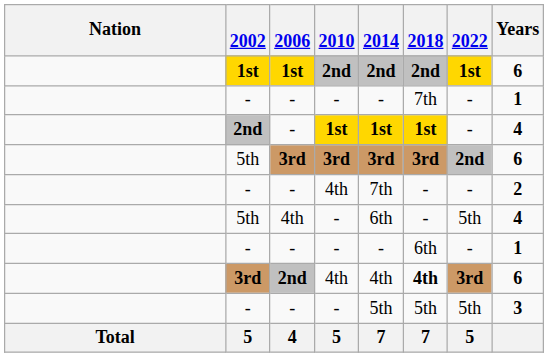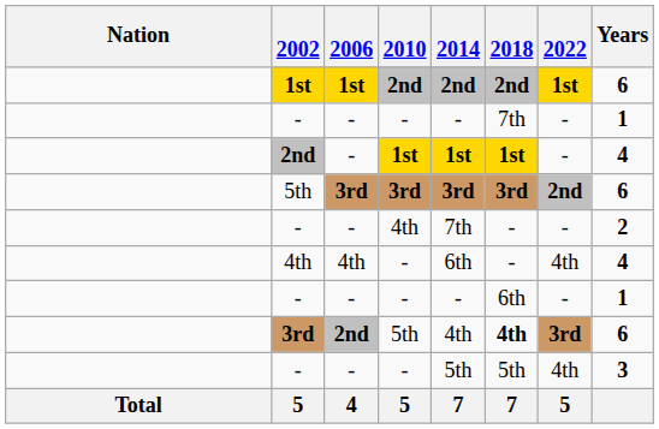 <table class="wikitable" style="text-align:center; font-size:90%">
 <tr>
 <th width=170>Nation</th>
 <th><br><a href='#'>2002</a></th>
 <th><br><a href='#'>2006</a></th>
 <th><br><a href='#'>2010</a></th>
 <th><br><a href='#'>2014</a></th>
 <th><br><a href='#'>2018</a></th>
 <th><br><a href='#'>2022</a></th>
 <th>Years</th>
 </tr>
 <tr>
 <td align=left></td>
 <td bgcolor=gold><strong>1st</strong></td>
 <td bgcolor=gold><strong>1st</strong></td>
 <td bgcolor=silver><strong>2nd</strong></td>
 <td bgcolor=silver><strong>2nd</strong></td>
 <td bgcolor=silver><strong>2nd</strong></td>
 <td bgcolor=gold><strong>1st</strong></td>
 <td><strong>6</strong></td>
 </tr>
 <tr>
 <td align=left></td>
 <td>-</td>
 <td>-</td>
 <td>-</td>
 <td>-</td>
 <td>7th</td>
 <td>-</td>
 <td><strong>1</strong></td>
 </tr>
 <tr>
 <td align=left></td>
 <td bgcolor=silver><strong>2nd</strong></td>
 <td>-</td>
 <td bgcolor=gold><strong>1st</strong></td>
 <td bgcolor=gold><strong>1st</strong></td>
 <td bgcolor=gold><strong>1st</strong></td>
 <td>-</td>
 <td><strong>4</strong></td>
 </tr>
 <tr>
 <td align=left></td>
 <td>5th</td>
 <td bgcolor=#cc9966><strong>3rd</strong></td>
 <td bgcolor=#cc9966><strong>3rd</strong></td>
 <td bgcolor=#cc9966><strong>3rd</strong></td>
 <td bgcolor=#cc9966><strong>3rd</strong></td>
 <td bgcolor=silver><strong>2nd</strong></td>
 <td><strong>6</strong></td>
 </tr>
 <tr>
 <td align=left></td>
 <td>-</td>
 <td>-</td>
 <td>4th</td>
 <td>7th</td>
 <td>-</td>
 <td>-</td>
 <td><strong>2</strong></td>
 </tr>
 <tr>
 <td align=left></td>
-<td>5th</td>
+<td>4th</td>
 <td>4th</td>
 <td>-</td>
 <td>6th</td>
 <td>-</td>
-<td>5th</td>
+<td>4th</td>
 <td><strong>4</strong></td>
 </tr>
 <tr>
 <td align=left></td>
 <td>-</td>
 <td>-</td>
 <td>-</td>
 <td>-</td>
 <td>6th</td>
 <td>-</td>
 <td><strong>1</strong></td>
 </tr>
 <tr>
 <td align=left></td>
 <td bgcolor=#cc9966><strong>3rd</strong></td>
 <td bgcolor=silver><strong>2nd</strong></td>
-<td>4th</td>
+<td>5th</td>
 <td>4th</td>
 <td><strong>4th</strong></td>
 <td bgcolor=#cc9966><strong>3rd</strong></td>
 <td><strong>6</strong></td>
 </tr>
 <tr>
 <td align=left></td>
 <td>-</td>
 <td>-</td>
 <td>-</td>
 <td>5th</td>
 <td>5th</td>
-<td>5th</td>
+<td>4th</td>
 <td><strong>3</strong></td>
 </tr>
 <tr>
 <th>Total</th>
 <th>5</th>
 <th>4</th>
 <th>5</th>
 <th>7</th>
 <th>7</th>
 <th>5</th>
 <th></th>
 </tr>
 </table>
